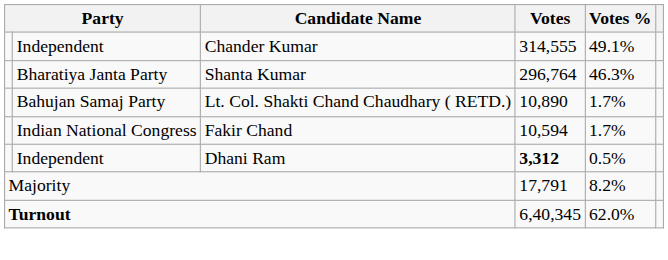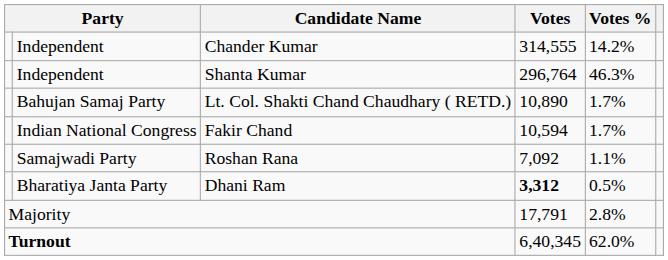 <table class="wikitable sortable">
 <tr>
 <th colspan="2" rowspan="1">Party</th>
 <th colspan="1" rowspan="1">Candidate Name</th>
 <th colspan="1" rowspan="1">Votes</th>
 <th colspan="1" rowspan="1">Votes %</th>
 <th colspan="1" rowspan="1"></th>
 </tr>
 <tr>
 <td></td>
 <td>Independent</td>
 <td>Chander Kumar</td>
 <td>314,555</td>
-<td>49.1%</td>
+<td>14.2%</td>
 <td></td>
 </tr>
 <tr>
 <td></td>
-<td>Bharatiya Janta Party</td>
+<td>Independent</td>
 <td>Shanta Kumar</td>
 <td>296,764</td>
 <td>46.3%</td>
 <td></td>
 </tr>
 <tr>
 <td></td>
 <td>Bahujan Samaj Party</td>
 <td>Lt. Col. Shakti Chand Chaudhary ( RETD.)</td>
 <td>10,890</td>
 <td>1.7%</td>
 <td></td>
 </tr>
 <tr>
 <td></td>
 <td>Indian National Congress</td>
 <td>Fakir Chand</td>
 <td>10,594</td>
 <td>1.7%</td>
 <td></td>
 </tr>
 <tr>
 <td></td>
-<td>Independent</td>
+<td>Samajwadi Party</td>
+<td>Roshan Rana</td>
+<td>7,092</td>
+<td>1.1%</td>
+<td></td>
+</tr>
+<tr>
+<td></td>
+<td>Bharatiya Janta Party</td>
 <td>Dhani Ram</td>
 <td><strong>3,312</strong></td>
 <td>0.5%</td>
 <td></td>
 </tr>
 <tr>
 <td colspan="3">Majority</td>
 <td>17,791</td>
-<td>8.2%</td>
+<td>2.8%</td>
 <td></td>
 </tr>
 <tr>
 <td colspan="3"><strong>Turnout</strong></td>
 <td>6,40,345</td>
 <td>62.0%</td>
 <td></td>
 </tr>
 </table>
